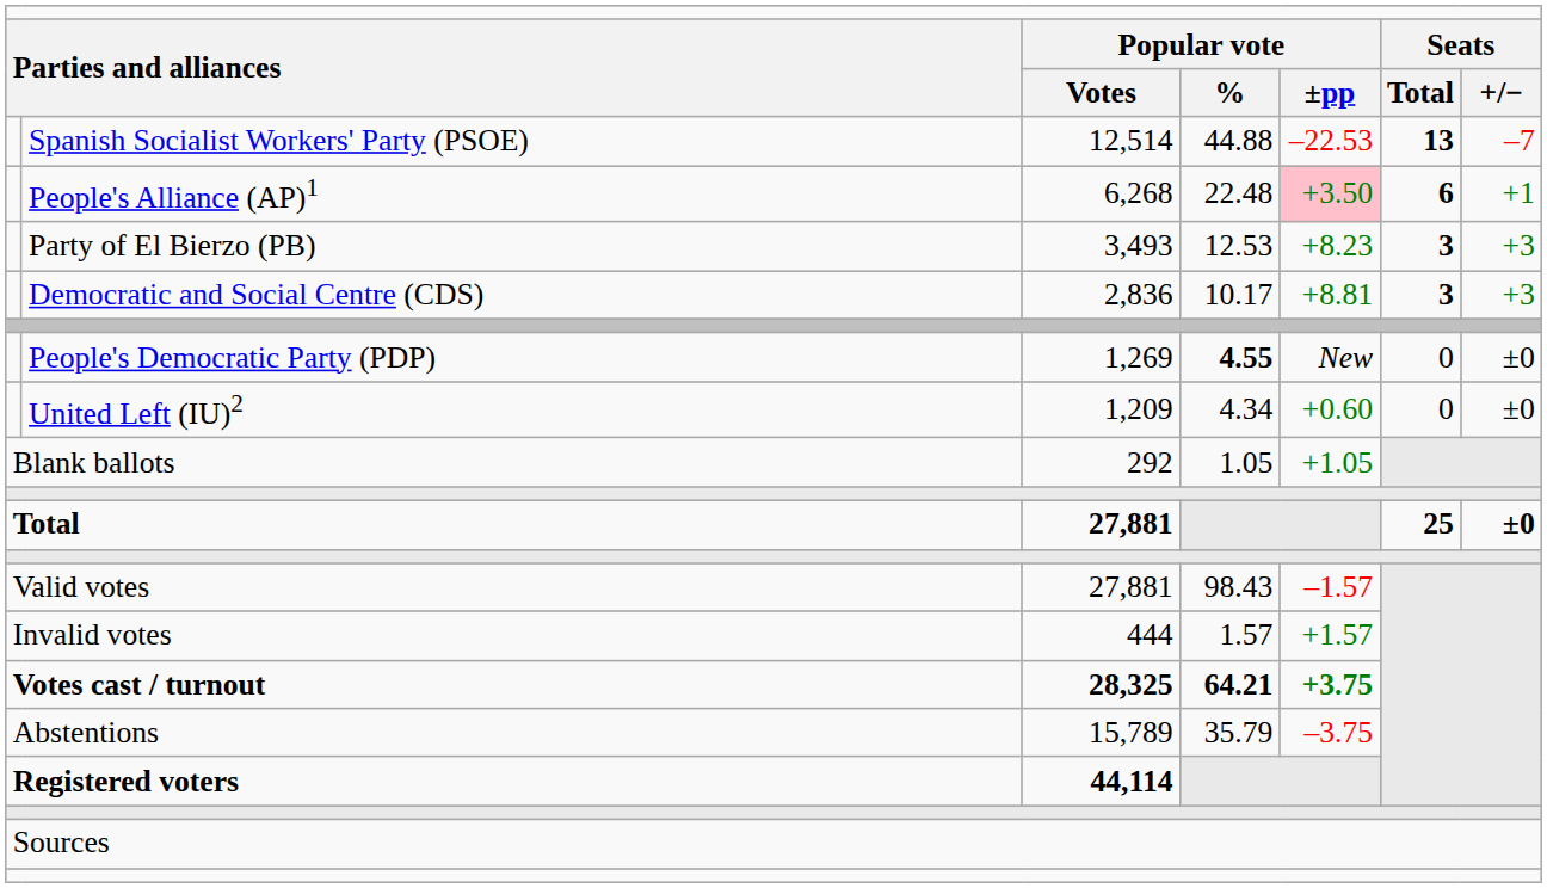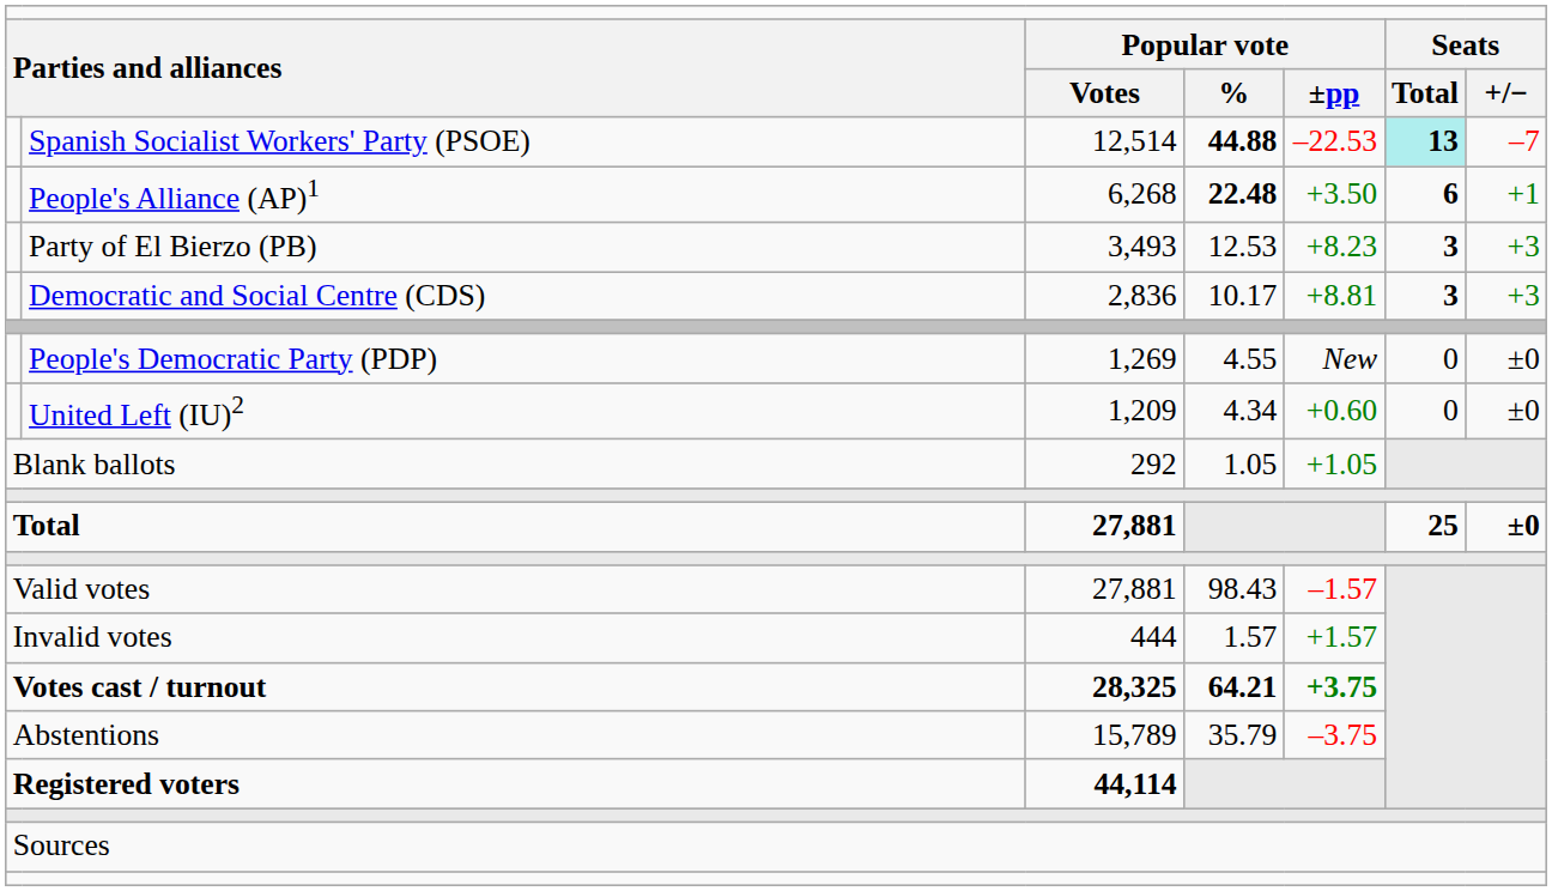 <table class="wikitable" style="text-align:right;">
 <tr>
 <td colspan="7"></td>
 </tr>
 <tr>
 <th style="text-align:left;" rowspan="2" colspan="2" width="525">Parties and alliances</th>
 <th colspan="3">Popular vote</th>
 <th colspan="2">Seats</th>
 </tr>
 <tr>
 <th width="75">Votes</th>
 <th width="45">%</th>
 <th width="45">±<a href='#'>pp</a></th>
 <th width="35">Total</th>
 <th width="35">+/−</th>
 </tr>
 <tr>
 <td width="1" style="color:inherit;background:"></td>
 <td align="left"><a href='#'>Spanish Socialist Workers' Party</a> (PSOE)</td>
 <td>12,514</td>
-<td>44.88</td>
+<td><strong>44.88</strong></td>
 <td style="color:red;">–22.53</td>
-<td><strong>13</strong></td>
+<td style="background: paleturquoise;"><strong>13</strong></td>
 <td style="color:red;">–7</td>
 </tr>
 <tr>
 <td style="color:inherit;background:"></td>
 <td align="left"><a href='#'>People's Alliance</a> (AP)<sup>1</sup></td>
 <td>6,268</td>
-<td>22.48</td>
-<td style="background: pink; color:green;">+3.50</td>
+<td><strong>22.48</strong></td>
+<td style="color:green;">+3.50</td>
 <td><strong>6</strong></td>
 <td style="color:green;">+1</td>
 </tr>
 <tr>
 <td style="color:inherit;background:"></td>
 <td align="left">Party of El Bierzo (PB)</td>
 <td>3,493</td>
 <td>12.53</td>
 <td style="color:green;">+8.23</td>
 <td><strong>3</strong></td>
 <td style="color:green;">+3</td>
 </tr>
 <tr>
 <td style="color:inherit;background:"></td>
 <td align="left"><a href='#'>Democratic and Social Centre</a> (CDS)</td>
 <td>2,836</td>
 <td>10.17</td>
 <td style="color:green;">+8.81</td>
 <td><strong>3</strong></td>
 <td style="color:green;">+3</td>
 </tr>
 <tr>
 <td colspan="7" bgcolor="#C0C0C0"></td>
 </tr>
 <tr>
 <td style="color:inherit;background:"></td>
 <td align="left"><a href='#'>People's Democratic Party</a> (PDP)</td>
 <td>1,269</td>
-<td><strong>4.55</strong></td>
+<td>4.55</td>
 <td><em>New</em></td>
 <td>0</td>
 <td>±0</td>
 </tr>
 <tr>
 <td style="color:inherit;background:"></td>
 <td align="left"><a href='#'>United Left</a> (IU)<sup>2</sup></td>
 <td>1,209</td>
 <td>4.34</td>
 <td style="color:green;">+0.60</td>
 <td>0</td>
 <td>±0</td>
 </tr>
 <tr>
 <td align="left" colspan="2">Blank ballots</td>
 <td>292</td>
 <td>1.05</td>
 <td style="color:green;">+1.05</td>
 <td bgcolor="#E9E9E9" colspan="2"></td>
 </tr>
 <tr>
 <td colspan="7" bgcolor="#E9E9E9"></td>
 </tr>
 <tr style="font-weight:bold;">
 <td align="left" colspan="2">Total</td>
 <td>27,881</td>
 <td bgcolor="#E9E9E9" colspan="2"></td>
 <td>25</td>
 <td>±0</td>
 </tr>
 <tr>
 <td colspan="7" bgcolor="#E9E9E9"></td>
 </tr>
 <tr>
 <td align="left" colspan="2">Valid votes</td>
 <td>27,881</td>
 <td>98.43</td>
 <td style="color:red;">–1.57</td>
 <td bgcolor="#E9E9E9" colspan="2" rowspan="5"></td>
 </tr>
 <tr>
 <td align="left" colspan="2">Invalid votes</td>
 <td>444</td>
 <td>1.57</td>
 <td style="color:green;">+1.57</td>
 </tr>
 <tr style="font-weight:bold;">
 <td align="left" colspan="2">Votes cast / turnout</td>
 <td>28,325</td>
 <td>64.21</td>
 <td style="color:green;">+3.75</td>
 </tr>
 <tr>
 <td align="left" colspan="2">Abstentions</td>
 <td>15,789</td>
 <td>35.79</td>
 <td style="color:red;">–3.75</td>
 </tr>
 <tr style="font-weight:bold;">
 <td align="left" colspan="2">Registered voters</td>
 <td>44,114</td>
 <td bgcolor="#E9E9E9" colspan="2"></td>
 </tr>
 <tr>
 <td colspan="7" bgcolor="#E9E9E9"></td>
 </tr>
 <tr>
 <td align="left" colspan="7">Sources</td>
 </tr>
 <tr>
 <td colspan="7" style="text-align:left; max-width:790px;"></td>
 </tr>
 </table>
